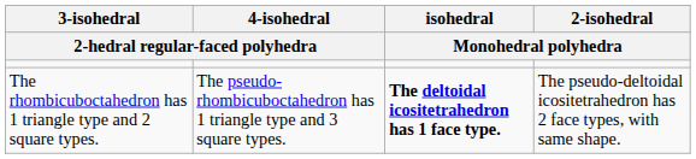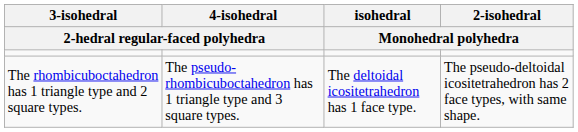 <table class=wikitable width=640>
 <tr>
 <th>3-isohedral</th>
 <th>4-isohedral</th>
 <th>isohedral</th>
 <th>2-isohedral</th>
 </tr>
 <tr>
 <th colspan=2>2-hedral regular-faced polyhedra</th>
 <th colspan=2>Monohedral polyhedra</th>
 </tr>
 <tr>
 <td></td>
 <td></td>
 <td></td>
 <td></td>
 </tr>
 <tr>
 <td>The <a href='#'>rhombicuboctahedron</a> has 1 triangle type and 2 square types.</td>
 <td>The <a href='#'>pseudo-rhombicuboctahedron</a> has 1 triangle type and 3 square types.</td>
-<td><strong>The <a href='#'>deltoidal icositetrahedron</a> has 1 face type.</strong></td>
+<td>The <a href='#'>deltoidal icositetrahedron</a> has 1 face type.</td>
 <td>The pseudo-deltoidal icositetrahedron has 2 face types, with same shape.</td>
 </tr>
 </table>
